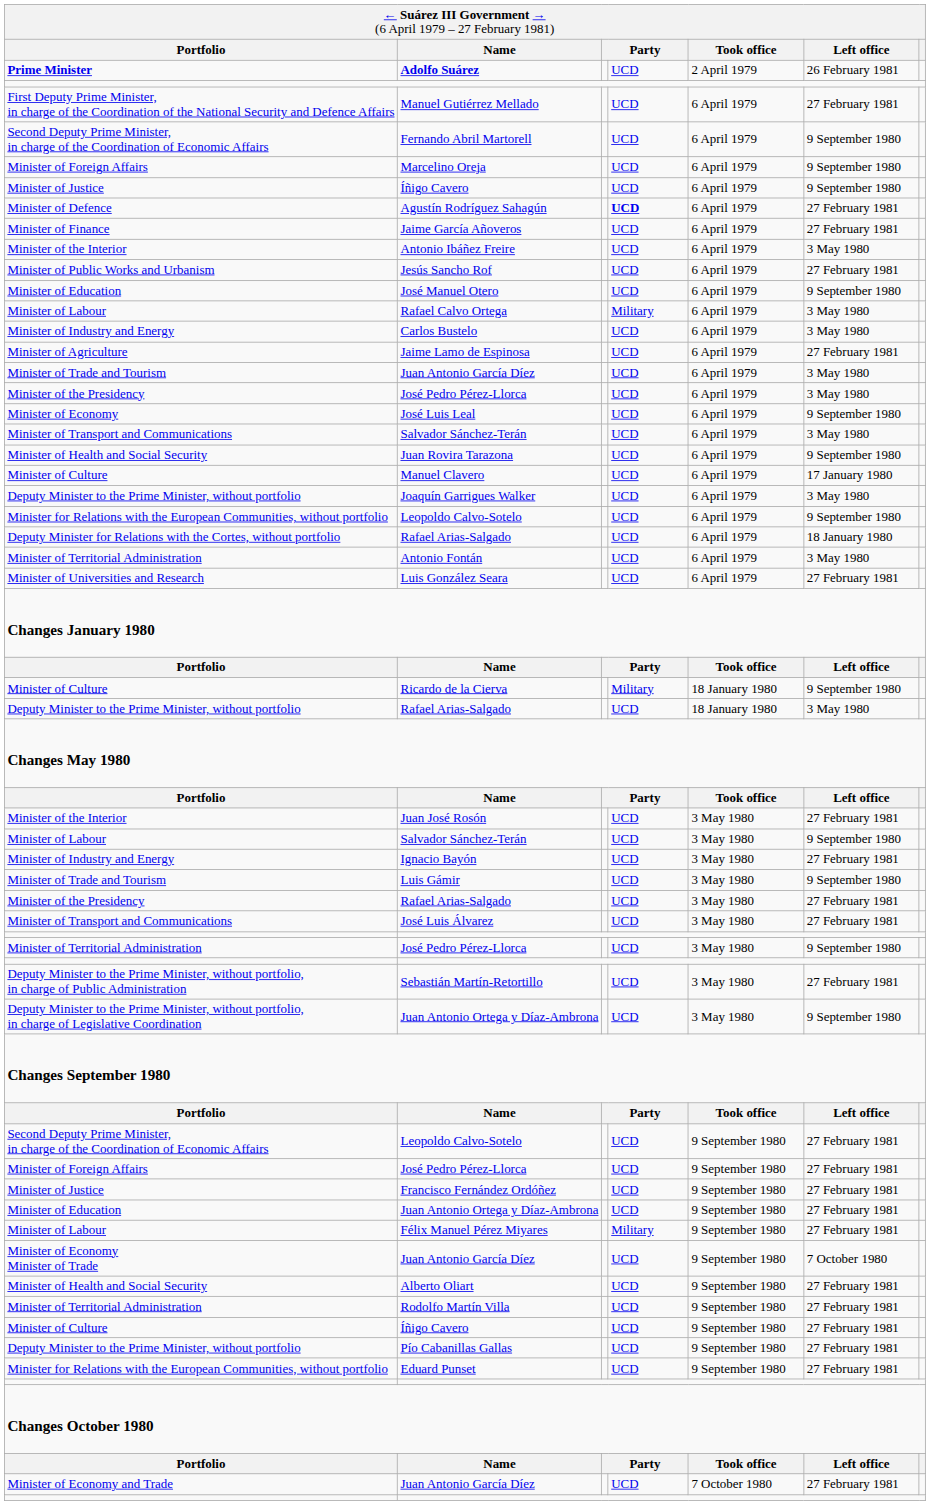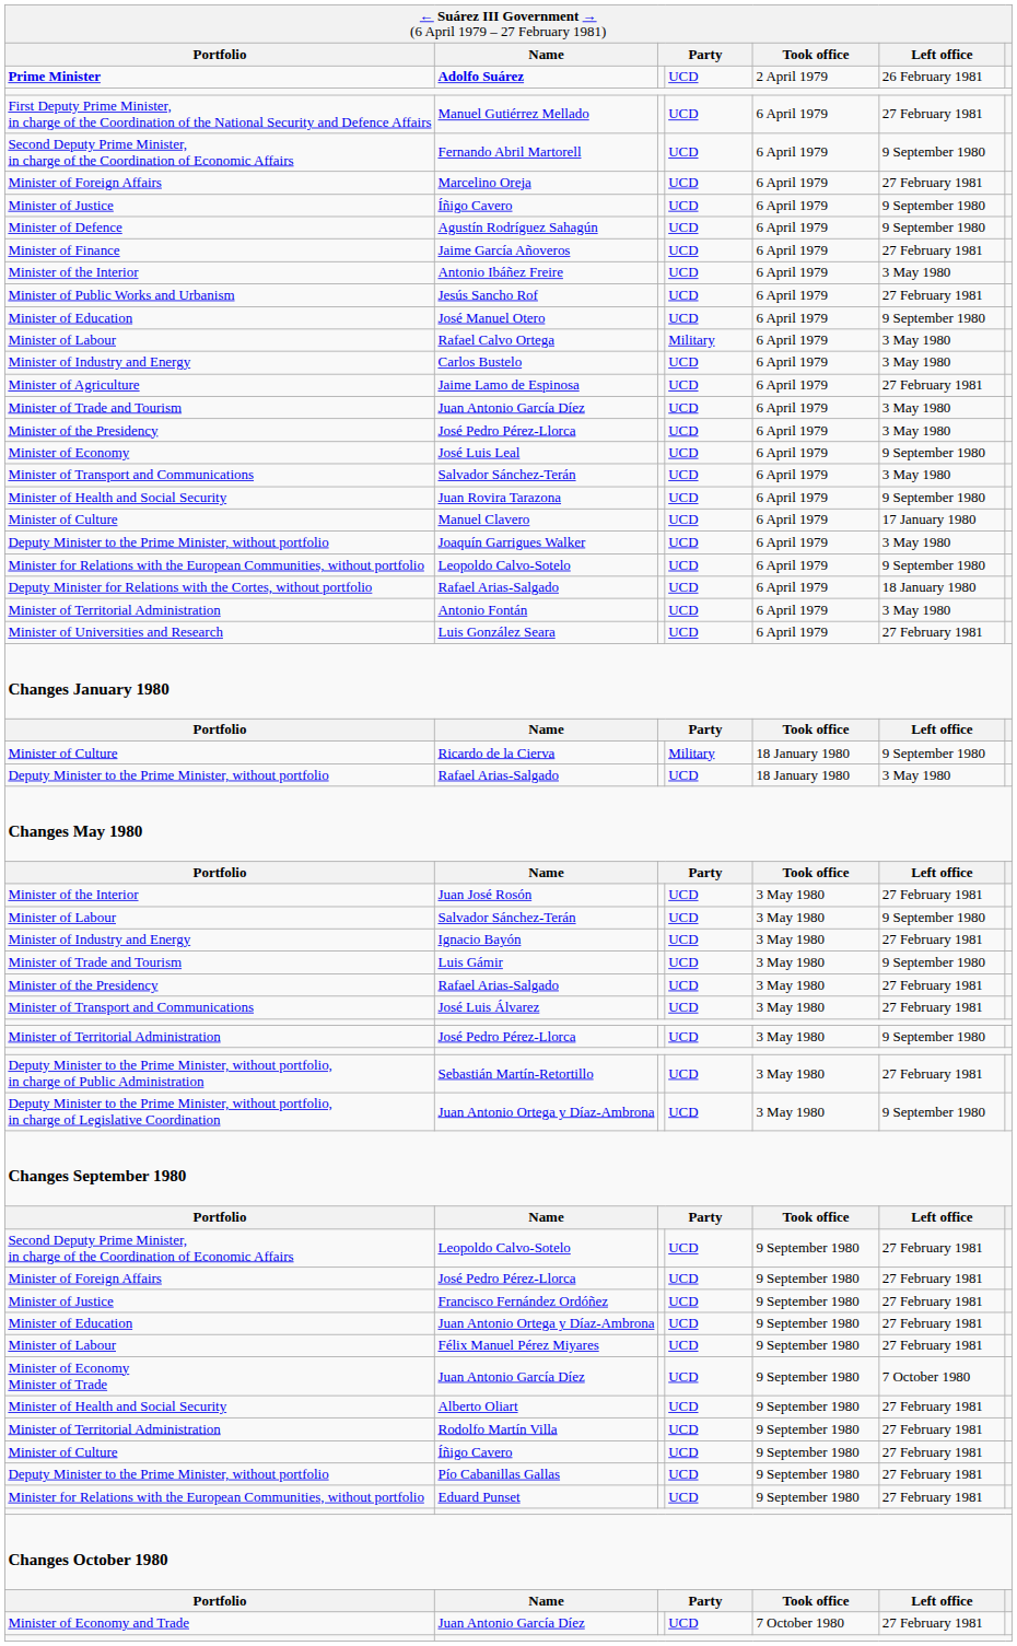 <table class="wikitable">
 <tr>
 <td colspan="7" bgcolor="#F2F2F2" align="center"><a href='#'>←</a> <strong>Suárez III Government</strong> <a href='#'>→</a><br>(6 April 1979 – 27 February 1981)</td>
 </tr>
 <tr>
 <th>Portfolio</th>
 <th>Name</th>
 <th width="100px" colspan="2">Party</th>
 <th width="135px">Took office</th>
 <th width="135px">Left office</th>
 <th></th>
 </tr>
 <tr>
 <td><strong><a href='#'>Prime Minister</a></strong></td>
 <td><strong><a href='#'>Adolfo Suárez</a></strong></td>
 <td width="1" style="background-color:"></td>
 <td><a href='#'>UCD</a></td>
 <td>2 April 1979</td>
 <td>26 February 1981</td>
 <td align="center"></td>
 </tr>
 <tr>
 <td colspan="7"></td>
 </tr>
 <tr>
 <td><a href='#'>First Deputy Prime Minister,<br>in charge of the Coordination of the National Security and Defence Affairs</a></td>
 <td><a href='#'>Manuel Gutiérrez Mellado</a></td>
 <td style="background-color:"></td>
 <td><a href='#'>UCD</a></td>
 <td>6 April 1979</td>
 <td>27 February 1981</td>
 <td align="center"></td>
 </tr>
 <tr>
 <td><a href='#'>Second Deputy Prime Minister,<br>in charge of the Coordination of Economic Affairs</a></td>
 <td><a href='#'>Fernando Abril Martorell</a></td>
 <td style="background-color:"></td>
 <td><a href='#'>UCD</a></td>
 <td>6 April 1979</td>
 <td>9 September 1980</td>
 <td align="center"></td>
 </tr>
 <tr>
 <td><a href='#'>Minister of Foreign Affairs</a></td>
 <td><a href='#'>Marcelino Oreja</a></td>
 <td style="background-color:"></td>
 <td><a href='#'>UCD</a></td>
 <td>6 April 1979</td>
-<td>9 September 1980</td>
+<td>27 February 1981</td>
 <td align="center"></td>
 </tr>
 <tr>
 <td><a href='#'>Minister of Justice</a></td>
 <td><a href='#'>Íñigo Cavero</a></td>
 <td style="background-color:"></td>
 <td><a href='#'>UCD</a></td>
 <td>6 April 1979</td>
 <td>9 September 1980</td>
 <td align="center"></td>
 </tr>
 <tr>
 <td><a href='#'>Minister of Defence</a></td>
 <td><a href='#'>Agustín Rodríguez Sahagún</a></td>
 <td style="background-color:"></td>
-<td><strong><a href='#'>UCD</a></strong></td>
+<td><a href='#'>UCD</a></td>
 <td>6 April 1979</td>
-<td>27 February 1981</td>
+<td>9 September 1980</td>
 <td align="center"></td>
 </tr>
 <tr>
 <td><a href='#'>Minister of Finance</a></td>
 <td><a href='#'>Jaime García Añoveros</a></td>
 <td style="background-color:"></td>
 <td><a href='#'>UCD</a></td>
 <td>6 April 1979</td>
 <td>27 February 1981</td>
 <td align="center"></td>
 </tr>
 <tr>
 <td><a href='#'>Minister of the Interior</a></td>
 <td><a href='#'>Antonio Ibáñez Freire</a></td>
 <td style="background-color:"></td>
 <td><a href='#'>UCD</a></td>
 <td>6 April 1979</td>
 <td>3 May 1980</td>
 <td align="center"></td>
 </tr>
 <tr>
 <td><a href='#'>Minister of Public Works and Urbanism</a></td>
 <td><a href='#'>Jesús Sancho Rof</a></td>
 <td style="background-color:"></td>
 <td><a href='#'>UCD</a></td>
 <td>6 April 1979</td>
 <td>27 February 1981</td>
 <td align="center"></td>
 </tr>
 <tr>
 <td><a href='#'>Minister of Education</a></td>
 <td><a href='#'>José Manuel Otero</a></td>
 <td style="background-color:"></td>
 <td><a href='#'>UCD</a></td>
 <td>6 April 1979</td>
 <td>9 September 1980</td>
 <td align="center"></td>
 </tr>
 <tr>
 <td><a href='#'>Minister of Labour</a></td>
 <td><a href='#'>Rafael Calvo Ortega</a></td>
 <td style="background-color:"></td>
 <td><a href='#'>Military</a></td>
 <td>6 April 1979</td>
 <td>3 May 1980</td>
 <td align="center"></td>
 </tr>
 <tr>
 <td><a href='#'>Minister of Industry and Energy</a></td>
 <td><a href='#'>Carlos Bustelo</a></td>
 <td style="background-color:"></td>
 <td><a href='#'>UCD</a></td>
 <td>6 April 1979</td>
 <td>3 May 1980</td>
 <td align="center"></td>
 </tr>
 <tr>
 <td><a href='#'>Minister of Agriculture</a></td>
 <td><a href='#'>Jaime Lamo de Espinosa</a></td>
 <td style="background-color:"></td>
 <td><a href='#'>UCD</a></td>
 <td>6 April 1979</td>
 <td>27 February 1981</td>
 <td align="center"></td>
 </tr>
 <tr>
 <td><a href='#'>Minister of Trade and Tourism</a></td>
 <td><a href='#'>Juan Antonio García Díez</a></td>
 <td style="background-color:"></td>
 <td><a href='#'>UCD</a></td>
 <td>6 April 1979</td>
 <td>3 May 1980</td>
 <td align="center"></td>
 </tr>
 <tr>
 <td><a href='#'>Minister of the Presidency</a></td>
 <td><a href='#'>José Pedro Pérez-Llorca</a></td>
 <td style="background-color:"></td>
 <td><a href='#'>UCD</a></td>
 <td>6 April 1979</td>
 <td>3 May 1980</td>
 <td align="center"></td>
 </tr>
 <tr>
 <td><a href='#'>Minister of Economy</a></td>
 <td><a href='#'>José Luis Leal</a></td>
 <td style="background-color:"></td>
 <td><a href='#'>UCD</a></td>
 <td>6 April 1979</td>
 <td>9 September 1980</td>
 <td align="center"></td>
 </tr>
 <tr>
 <td><a href='#'>Minister of Transport and Communications</a></td>
 <td><a href='#'>Salvador Sánchez-Terán</a></td>
 <td style="background-color:"></td>
 <td><a href='#'>UCD</a></td>
 <td>6 April 1979</td>
 <td>3 May 1980</td>
 <td align="center"></td>
 </tr>
 <tr>
 <td><a href='#'>Minister of Health and Social Security</a></td>
 <td><a href='#'>Juan Rovira Tarazona</a></td>
 <td style="background-color:"></td>
 <td><a href='#'>UCD</a></td>
 <td>6 April 1979</td>
 <td>9 September 1980</td>
 <td align="center"></td>
 </tr>
 <tr>
 <td><a href='#'>Minister of Culture</a></td>
 <td><a href='#'>Manuel Clavero</a></td>
 <td style="background-color:"></td>
 <td><a href='#'>UCD</a></td>
 <td>6 April 1979</td>
 <td>17 January 1980</td>
 <td align="center"></td>
 </tr>
 <tr>
 <td><a href='#'>Deputy Minister to the Prime Minister, without portfolio</a></td>
 <td><a href='#'>Joaquín Garrigues Walker</a></td>
 <td style="background-color:"></td>
 <td><a href='#'>UCD</a></td>
 <td>6 April 1979</td>
 <td>3 May 1980</td>
 <td align="center"></td>
 </tr>
 <tr>
 <td><a href='#'>Minister for Relations with the European Communities, without portfolio</a></td>
 <td><a href='#'>Leopoldo Calvo-Sotelo</a></td>
 <td style="background-color:"></td>
 <td><a href='#'>UCD</a></td>
 <td>6 April 1979</td>
 <td>9 September 1980</td>
 <td align="center"></td>
 </tr>
 <tr>
 <td><a href='#'>Deputy Minister for Relations with the Cortes, without portfolio</a></td>
 <td><a href='#'>Rafael Arias-Salgado</a></td>
 <td style="background-color:"></td>
 <td><a href='#'>UCD</a></td>
 <td>6 April 1979</td>
 <td>18 January 1980</td>
 <td align="center"></td>
 </tr>
 <tr>
 <td><a href='#'>Minister of Territorial Administration</a></td>
 <td><a href='#'>Antonio Fontán</a></td>
 <td style="background-color:"></td>
 <td><a href='#'>UCD</a></td>
 <td>6 April 1979</td>
 <td>3 May 1980</td>
 <td align="center"></td>
 </tr>
 <tr>
 <td><a href='#'>Minister of Universities and Research</a></td>
 <td><a href='#'>Luis González Seara</a></td>
 <td style="background-color:"></td>
 <td><a href='#'>UCD</a></td>
 <td>6 April 1979</td>
 <td>27 February 1981</td>
 <td align="center"></td>
 </tr>
 <tr>
 <td colspan="7"><br><h3>Changes January 1980</h3></td>
 </tr>
 <tr>
 <th>Portfolio</th>
 <th>Name</th>
 <th colspan="2">Party</th>
 <th>Took office</th>
 <th>Left office</th>
 <th></th>
 </tr>
 <tr>
 <td><a href='#'>Minister of Culture</a></td>
 <td><a href='#'>Ricardo de la Cierva</a></td>
 <td style="background-color:"></td>
 <td><a href='#'>Military</a></td>
 <td>18 January 1980</td>
 <td>9 September 1980</td>
 <td align="center"></td>
 </tr>
 <tr>
 <td><a href='#'>Deputy Minister to the Prime Minister, without portfolio</a></td>
 <td><a href='#'>Rafael Arias-Salgado</a></td>
 <td style="background-color:"></td>
 <td><a href='#'>UCD</a></td>
 <td>18 January 1980</td>
 <td>3 May 1980</td>
 <td align="center"></td>
 </tr>
 <tr>
 <td colspan="7"><br><h3>Changes May 1980</h3></td>
 </tr>
 <tr>
 <th>Portfolio</th>
 <th>Name</th>
 <th colspan="2">Party</th>
 <th>Took office</th>
 <th>Left office</th>
 <th></th>
 </tr>
 <tr>
 <td><a href='#'>Minister of the Interior</a></td>
 <td><a href='#'>Juan José Rosón</a></td>
 <td style="background-color:"></td>
 <td><a href='#'>UCD</a></td>
 <td>3 May 1980</td>
 <td>27 February 1981</td>
 <td align="center"></td>
 </tr>
 <tr>
 <td><a href='#'>Minister of Labour</a></td>
 <td><a href='#'>Salvador Sánchez-Terán</a></td>
 <td style="background-color:"></td>
 <td><a href='#'>UCD</a></td>
 <td>3 May 1980</td>
 <td>9 September 1980</td>
 <td align="center"></td>
 </tr>
 <tr>
 <td><a href='#'>Minister of Industry and Energy</a></td>
 <td><a href='#'>Ignacio Bayón</a></td>
 <td style="background-color:"></td>
 <td><a href='#'>UCD</a> </td>
 <td>3 May 1980</td>
 <td>27 February 1981</td>
 <td align="center"></td>
 </tr>
 <tr>
 <td><a href='#'>Minister of Trade and Tourism</a></td>
 <td><a href='#'>Luis Gámir</a></td>
 <td style="background-color:"></td>
 <td><a href='#'>UCD</a></td>
 <td>3 May 1980</td>
 <td>9 September 1980</td>
 <td align="center"></td>
 </tr>
 <tr>
 <td><a href='#'>Minister of the Presidency</a></td>
 <td><a href='#'>Rafael Arias-Salgado</a></td>
 <td style="background-color:"></td>
 <td><a href='#'>UCD</a></td>
 <td>3 May 1980</td>
 <td>27 February 1981</td>
 <td align="center"></td>
 </tr>
 <tr>
 <td><a href='#'>Minister of Transport and Communications</a></td>
 <td><a href='#'>José Luis Álvarez</a></td>
 <td style="background-color:"></td>
 <td><a href='#'>UCD</a></td>
 <td>3 May 1980</td>
 <td>27 February 1981</td>
 <td align="center"></td>
 </tr>
 <tr>
 <td></td>
 <td colspan="6"></td>
 </tr>
 <tr>
 <td><a href='#'>Minister of Territorial Administration</a></td>
 <td><a href='#'>José Pedro Pérez-Llorca</a></td>
 <td style="background-color:"></td>
 <td><a href='#'>UCD</a></td>
 <td>3 May 1980</td>
 <td>9 September 1980</td>
 <td align="center"></td>
 </tr>
 <tr>
 <td></td>
 <td colspan="6"></td>
 </tr>
 <tr>
 <td><a href='#'>Deputy Minister to the Prime Minister, without portfolio,<br>in charge of Public Administration</a></td>
 <td><a href='#'>Sebastián Martín-Retortillo</a></td>
 <td style="background-color:"></td>
 <td><a href='#'>UCD</a></td>
 <td>3 May 1980</td>
 <td>27 February 1981</td>
 <td align="center"></td>
 </tr>
 <tr>
 <td><a href='#'>Deputy Minister to the Prime Minister, without portfolio,<br>in charge of Legislative Coordination</a></td>
 <td><a href='#'>Juan Antonio Ortega y Díaz-Ambrona</a></td>
 <td style="background-color:"></td>
 <td><a href='#'>UCD</a></td>
 <td>3 May 1980</td>
 <td>9 September 1980</td>
 <td align="center"></td>
 </tr>
 <tr>
 <td colspan="7"><br><h3>Changes September 1980</h3></td>
 </tr>
 <tr>
 <th>Portfolio</th>
 <th>Name</th>
 <th colspan="2">Party</th>
 <th>Took office</th>
 <th>Left office</th>
 <th></th>
 </tr>
 <tr>
 <td><a href='#'>Second Deputy Prime Minister,<br>in charge of the Coordination of Economic Affairs</a></td>
 <td><a href='#'>Leopoldo Calvo-Sotelo</a></td>
 <td style="background-color:"></td>
 <td><a href='#'>UCD</a></td>
 <td>9 September 1980</td>
 <td>27 February 1981</td>
 <td align="center"></td>
 </tr>
 <tr>
 <td><a href='#'>Minister of Foreign Affairs</a></td>
 <td><a href='#'>José Pedro Pérez-Llorca</a></td>
 <td style="background-color:"></td>
 <td><a href='#'>UCD</a></td>
 <td>9 September 1980</td>
 <td>27 February 1981</td>
 <td align="center"></td>
 </tr>
 <tr>
 <td><a href='#'>Minister of Justice</a></td>
 <td><a href='#'>Francisco Fernández Ordóñez</a></td>
 <td style="background-color:"></td>
 <td><a href='#'>UCD</a></td>
 <td>9 September 1980</td>
 <td>27 February 1981</td>
 <td align="center"></td>
 </tr>
 <tr>
 <td><a href='#'>Minister of Education</a></td>
 <td><a href='#'>Juan Antonio Ortega y Díaz-Ambrona</a></td>
 <td style="background-color:"></td>
 <td><a href='#'>UCD</a></td>
 <td>9 September 1980</td>
 <td>27 February 1981</td>
 <td align="center"></td>
 </tr>
 <tr>
 <td><a href='#'>Minister of Labour</a></td>
 <td><a href='#'>Félix Manuel Pérez Miyares</a></td>
 <td style="background-color:"></td>
-<td><a href='#'>Military</a></td>
+<td><a href='#'>UCD</a></td>
 <td>9 September 1980</td>
 <td>27 February 1981</td>
 <td align="center"></td>
 </tr>
 <tr>
 <td><a href='#'>Minister of Economy</a><br><a href='#'>Minister of Trade</a></td>
 <td><a href='#'>Juan Antonio García Díez</a></td>
 <td style="background-color:"></td>
 <td><a href='#'>UCD</a></td>
 <td>9 September 1980</td>
 <td>7 October 1980</td>
 <td align="center"></td>
 </tr>
 <tr>
 <td><a href='#'>Minister of Health and Social Security</a></td>
 <td><a href='#'>Alberto Oliart</a></td>
 <td style="background-color:"></td>
 <td><a href='#'>UCD</a> </td>
 <td>9 September 1980</td>
 <td>27 February 1981</td>
 <td align="center"></td>
 </tr>
 <tr>
 <td><a href='#'>Minister of Territorial Administration</a></td>
 <td><a href='#'>Rodolfo Martín Villa</a></td>
 <td style="background-color:"></td>
 <td><a href='#'>UCD</a></td>
 <td>9 September 1980</td>
 <td>27 February 1981</td>
 <td align="center"></td>
 </tr>
 <tr>
 <td><a href='#'>Minister of Culture</a></td>
 <td><a href='#'>Íñigo Cavero</a></td>
 <td style="background-color:"></td>
 <td><a href='#'>UCD</a></td>
 <td>9 September 1980</td>
 <td>27 February 1981</td>
 <td align="center"></td>
 </tr>
 <tr>
 <td><a href='#'>Deputy Minister to the Prime Minister, without portfolio</a></td>
 <td><a href='#'>Pío Cabanillas Gallas</a></td>
 <td style="background-color:"></td>
 <td><a href='#'>UCD</a></td>
 <td>9 September 1980</td>
 <td>27 February 1981</td>
 <td align="center"></td>
 </tr>
 <tr>
 <td><a href='#'>Minister for Relations with the European Communities, without portfolio</a></td>
 <td><a href='#'>Eduard Punset</a></td>
 <td style="background-color:"></td>
 <td><a href='#'>UCD</a></td>
 <td>9 September 1980</td>
 <td>27 February 1981</td>
 <td align="center"></td>
 </tr>
 <tr>
 <td></td>
 <td colspan="6"></td>
 </tr>
 <tr>
 <td colspan="7"><br><h3>Changes October 1980</h3></td>
 </tr>
 <tr>
 <th>Portfolio</th>
 <th>Name</th>
 <th colspan="2">Party</th>
 <th>Took office</th>
 <th>Left office</th>
 <th></th>
 </tr>
 <tr>
 <td><a href='#'>Minister of Economy and Trade</a></td>
 <td><a href='#'>Juan Antonio García Díez</a></td>
 <td style="background-color:"></td>
 <td><a href='#'>UCD</a></td>
 <td>7 October 1980</td>
 <td>27 February 1981</td>
 <td align="center"></td>
 </tr>
 <tr>
 <td></td>
 <td colspan="6"></td>
 </tr>
 </table>
